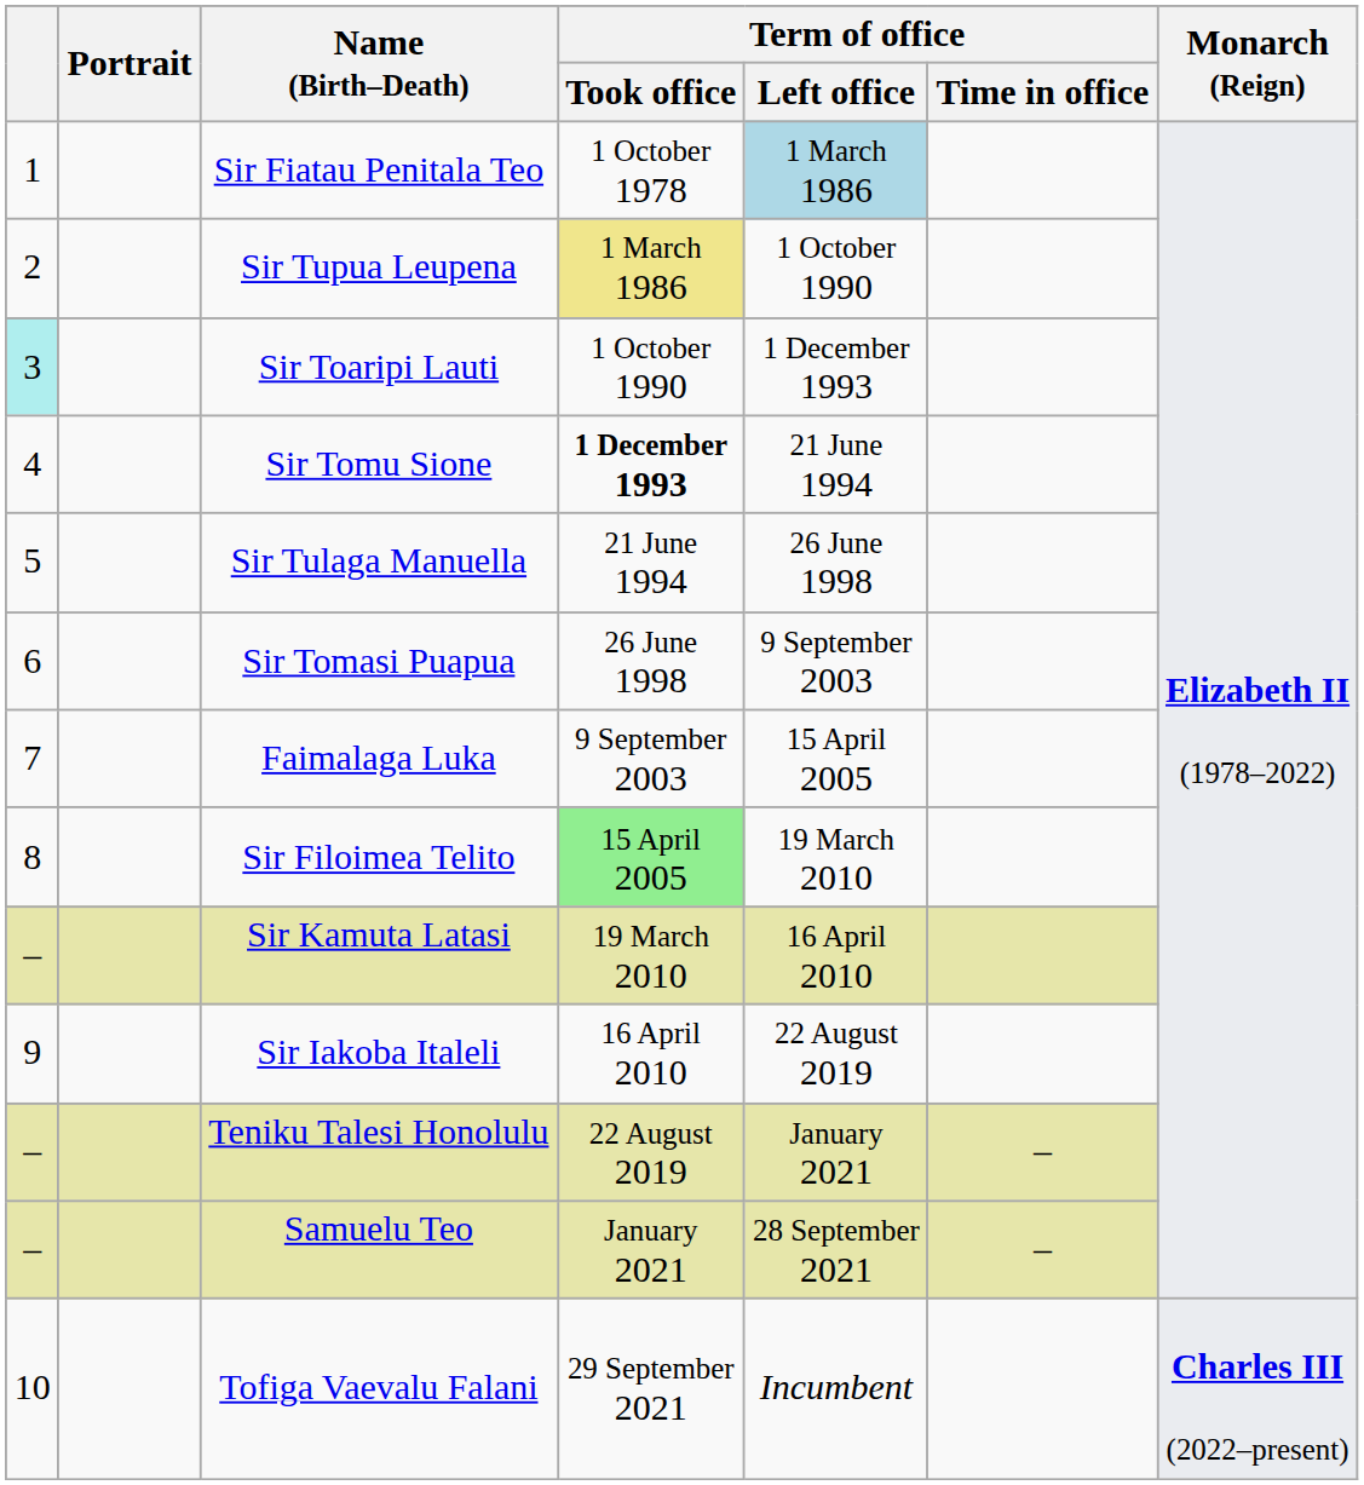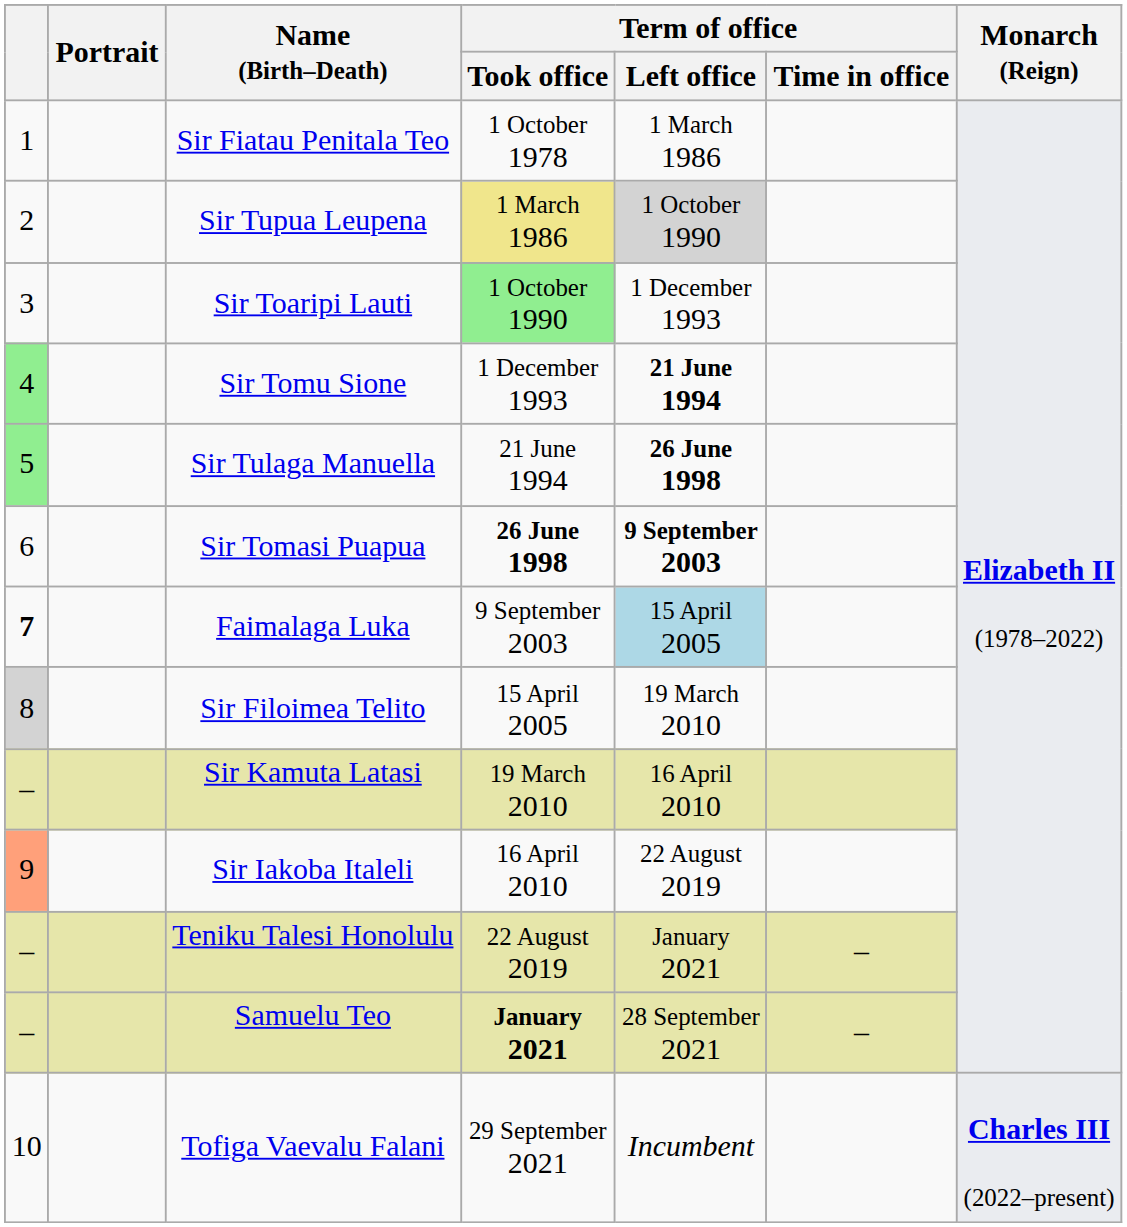 <table class="wikitable" style="text-align:center;">
 <tr>
 <th rowspan="2"></th>
 <th rowspan="2">Portrait</th>
 <th rowspan="2">Name<br><small>(Birth–Death)</small></th>
 <th colspan="3">Term of office</th>
 <th rowspan="2">Monarch<br><small>(Reign)</small></th>
 </tr>
 <tr>
 <th>Took office</th>
 <th>Left office</th>
 <th>Time in office</th>
 </tr>
 <tr>
 <td>1</td>
 <td></td>
 <td><a href='#'>Sir Fiatau Penitala Teo</a><br></td>
 <td><small>1 October</small><br>1978</td>
-<td style="background: lightblue;"><small>1 March</small><br>1986</td>
+<td><small>1 March</small><br>1986</td>
 <td></td>
 <td rowspan="12" style="background:#eaecf0"><br><strong><a href='#'>Elizabeth II</a></strong><br><br><small>(1978–2022)</small></td>
 </tr>
 <tr>
 <td>2</td>
 <td></td>
 <td><a href='#'>Sir Tupua Leupena</a><br></td>
 <td style="background: khaki;"><small>1 March</small><br>1986</td>
-<td><small>1 October</small><br>1990</td>
+<td style="background: lightgrey;"><small>1 October</small><br>1990</td>
 <td></td>
 </tr>
 <tr>
-<td style="background: paleturquoise;">3</td>
+<td>3</td>
 <td></td>
 <td><a href='#'>Sir Toaripi Lauti</a><br></td>
-<td><small>1 October</small><br>1990</td>
+<td style="background: lightgreen;"><small>1 October</small><br>1990</td>
 <td><small>1 December</small><br>1993</td>
 <td></td>
 </tr>
 <tr>
-<td>4</td>
+<td style="background: lightgreen;">4</td>
 <td></td>
 <td><a href='#'>Sir Tomu Sione</a><br></td>
-<td><strong><small>1 December</small><br>1993</strong></td>
-<td><small>21 June</small><br>1994</td>
+<td><small>1 December</small><br>1993</td>
+<td><strong><small>21 June</small><br>1994</strong></td>
 <td></td>
 </tr>
 <tr>
-<td>5</td>
+<td style="background: lightgreen;">5</td>
 <td></td>
 <td><a href='#'>Sir Tulaga Manuella</a><br></td>
 <td><small>21 June</small><br>1994</td>
-<td><small>26 June</small><br>1998</td>
+<td><strong><small>26 June</small><br>1998</strong></td>
 <td></td>
 </tr>
 <tr>
 <td>6</td>
 <td></td>
 <td><a href='#'>Sir Tomasi Puapua</a><br></td>
-<td><small>26 June</small><br>1998</td>
-<td><small>9 September</small><br>2003</td>
+<td><strong><small>26 June</small><br>1998</strong></td>
+<td><strong><small>9 September</small><br>2003</strong></td>
 <td></td>
 </tr>
 <tr>
-<td>7</td>
+<td><strong>7</strong></td>
 <td></td>
 <td><a href='#'>Faimalaga Luka</a><br></td>
 <td><small>9 September</small><br>2003</td>
-<td><small>15 April</small><br>2005</td>
+<td style="background: lightblue;"><small>15 April</small><br>2005</td>
 <td></td>
 </tr>
 <tr>
-<td>8</td>
+<td style="background: lightgrey;">8</td>
 <td></td>
 <td><a href='#'>Sir Filoimea Telito</a><br></td>
-<td style="background: lightgreen;"><small>15 April</small><br>2005</td>
+<td><small>15 April</small><br>2005</td>
 <td><small>19 March</small><br>2010</td>
 <td></td>
 </tr>
 <tr style="background:#e6e6aa;">
 <td>–</td>
 <td></td>
 <td><a href='#'>Sir Kamuta Latasi</a><br><br></td>
 <td><small>19 March</small><br>2010</td>
 <td><small>16 April</small><br>2010</td>
 <td></td>
 </tr>
 <tr>
-<td>9</td>
+<td style="background: lightsalmon;">9</td>
 <td></td>
 <td><a href='#'>Sir Iakoba Italeli</a><br></td>
 <td><small>16 April</small><br>2010</td>
 <td><small>22 August</small><br>2019</td>
 <td></td>
 </tr>
 <tr style="background:#e6e6aa;">
 <td>–</td>
 <td></td>
 <td><a href='#'>Teniku Talesi Honolulu</a><br><br></td>
 <td><small>22 August</small><br>2019</td>
 <td><small>January</small><br>2021</td>
 <td>–</td>
 </tr>
 <tr style="background:#e6e6aa;">
 <td>–</td>
 <td></td>
 <td><a href='#'>Samuelu Teo</a><br><br></td>
-<td><small>January</small><br>2021</td>
+<td><strong><small>January</small><br>2021</strong></td>
 <td><small>28 September</small><br>2021</td>
 <td>–</td>
 </tr>
 <tr>
 <td rowspan="2">10</td>
 <td rowspan="2"></td>
 <td rowspan="2"><a href='#'>Tofiga Vaevalu Falani</a><br></td>
 <td rowspan="2"><small>29 September</small><br>2021</td>
 <td rowspan="2"><em>Incumbent</em></td>
 <td rowspan="2"></td>
 <td rowspan="1" style="background:#eaecf0"><br><strong><a href='#'>Charles III</a></strong><br><br><small>(2022–present)</small></td>
 </tr>
 </table>
